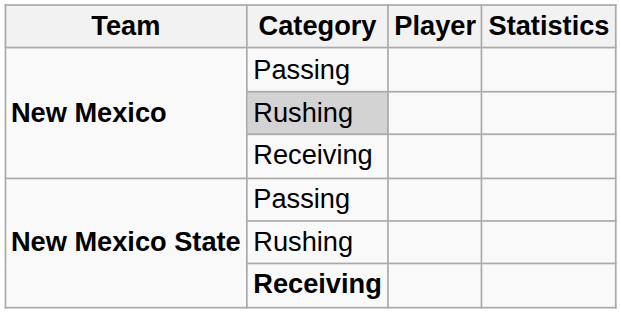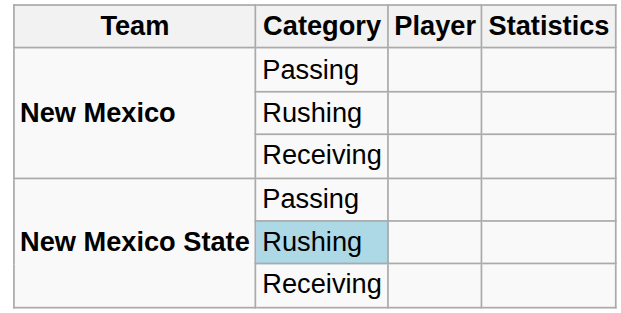 <table class="wikitable" style="float: right;">
 <tr>
 <th>Team</th>
 <th>Category</th>
 <th>Player</th>
 <th>Statistics</th>
 </tr>
 <tr>
 <td rowspan=3><strong>New Mexico</strong></td>
 <td>Passing</td>
 <td></td>
 <td></td>
 </tr>
 <tr>
-<td style="background: lightgrey;">Rushing</td>
+<td>Rushing</td>
 <td></td>
 <td></td>
 </tr>
 <tr>
 <td>Receiving</td>
 <td></td>
 <td></td>
 </tr>
 <tr>
 <td rowspan=3><strong>New Mexico State</strong></td>
 <td>Passing</td>
 <td></td>
 <td></td>
 </tr>
 <tr>
-<td>Rushing</td>
+<td style="background: lightblue;">Rushing</td>
 <td></td>
 <td></td>
 </tr>
 <tr>
-<td><strong>Receiving</strong></td>
+<td>Receiving</td>
 <td></td>
 <td></td>
 </tr>
 </table>
